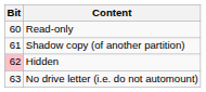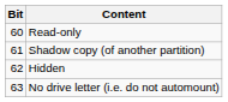 <table class="wikitable">
 <tr>
 <th>Bit</th>
 <th>Content</th>
 </tr>
 <tr>
 <td align=right>60</td>
 <td>Read-only</td>
 </tr>
 <tr>
 <td align=right>61</td>
 <td>Shadow copy (of another partition)</td>
 </tr>
 <tr>
-<td align=right style="background: pink;">62</td>
+<td align=right>62</td>
 <td>Hidden</td>
 </tr>
 <tr>
 <td align=right>63</td>
 <td>No drive letter (i.e. do not automount)</td>
 </tr>
 </table>
